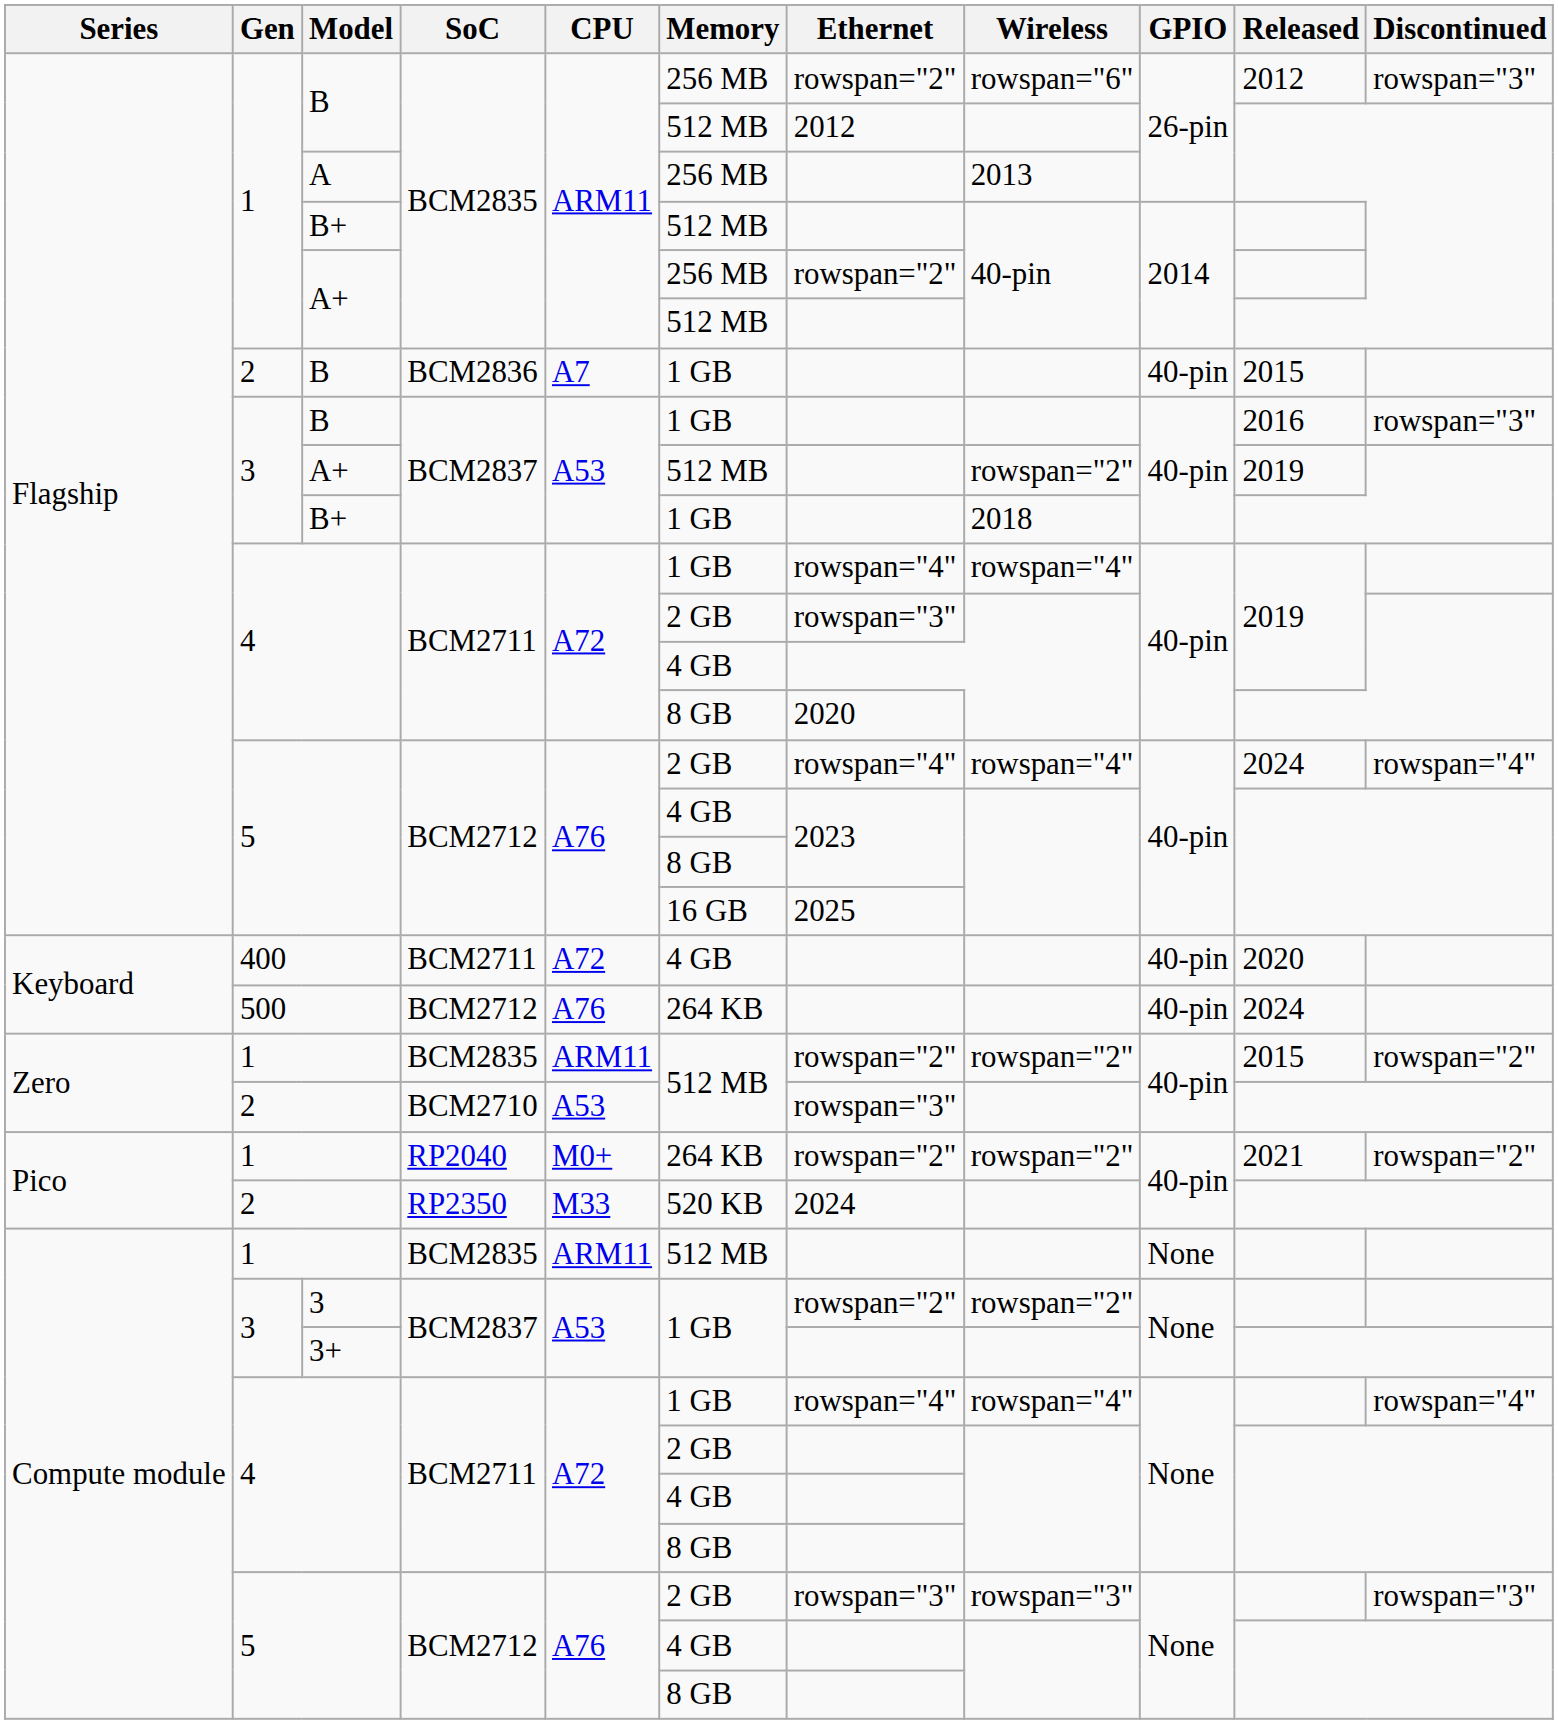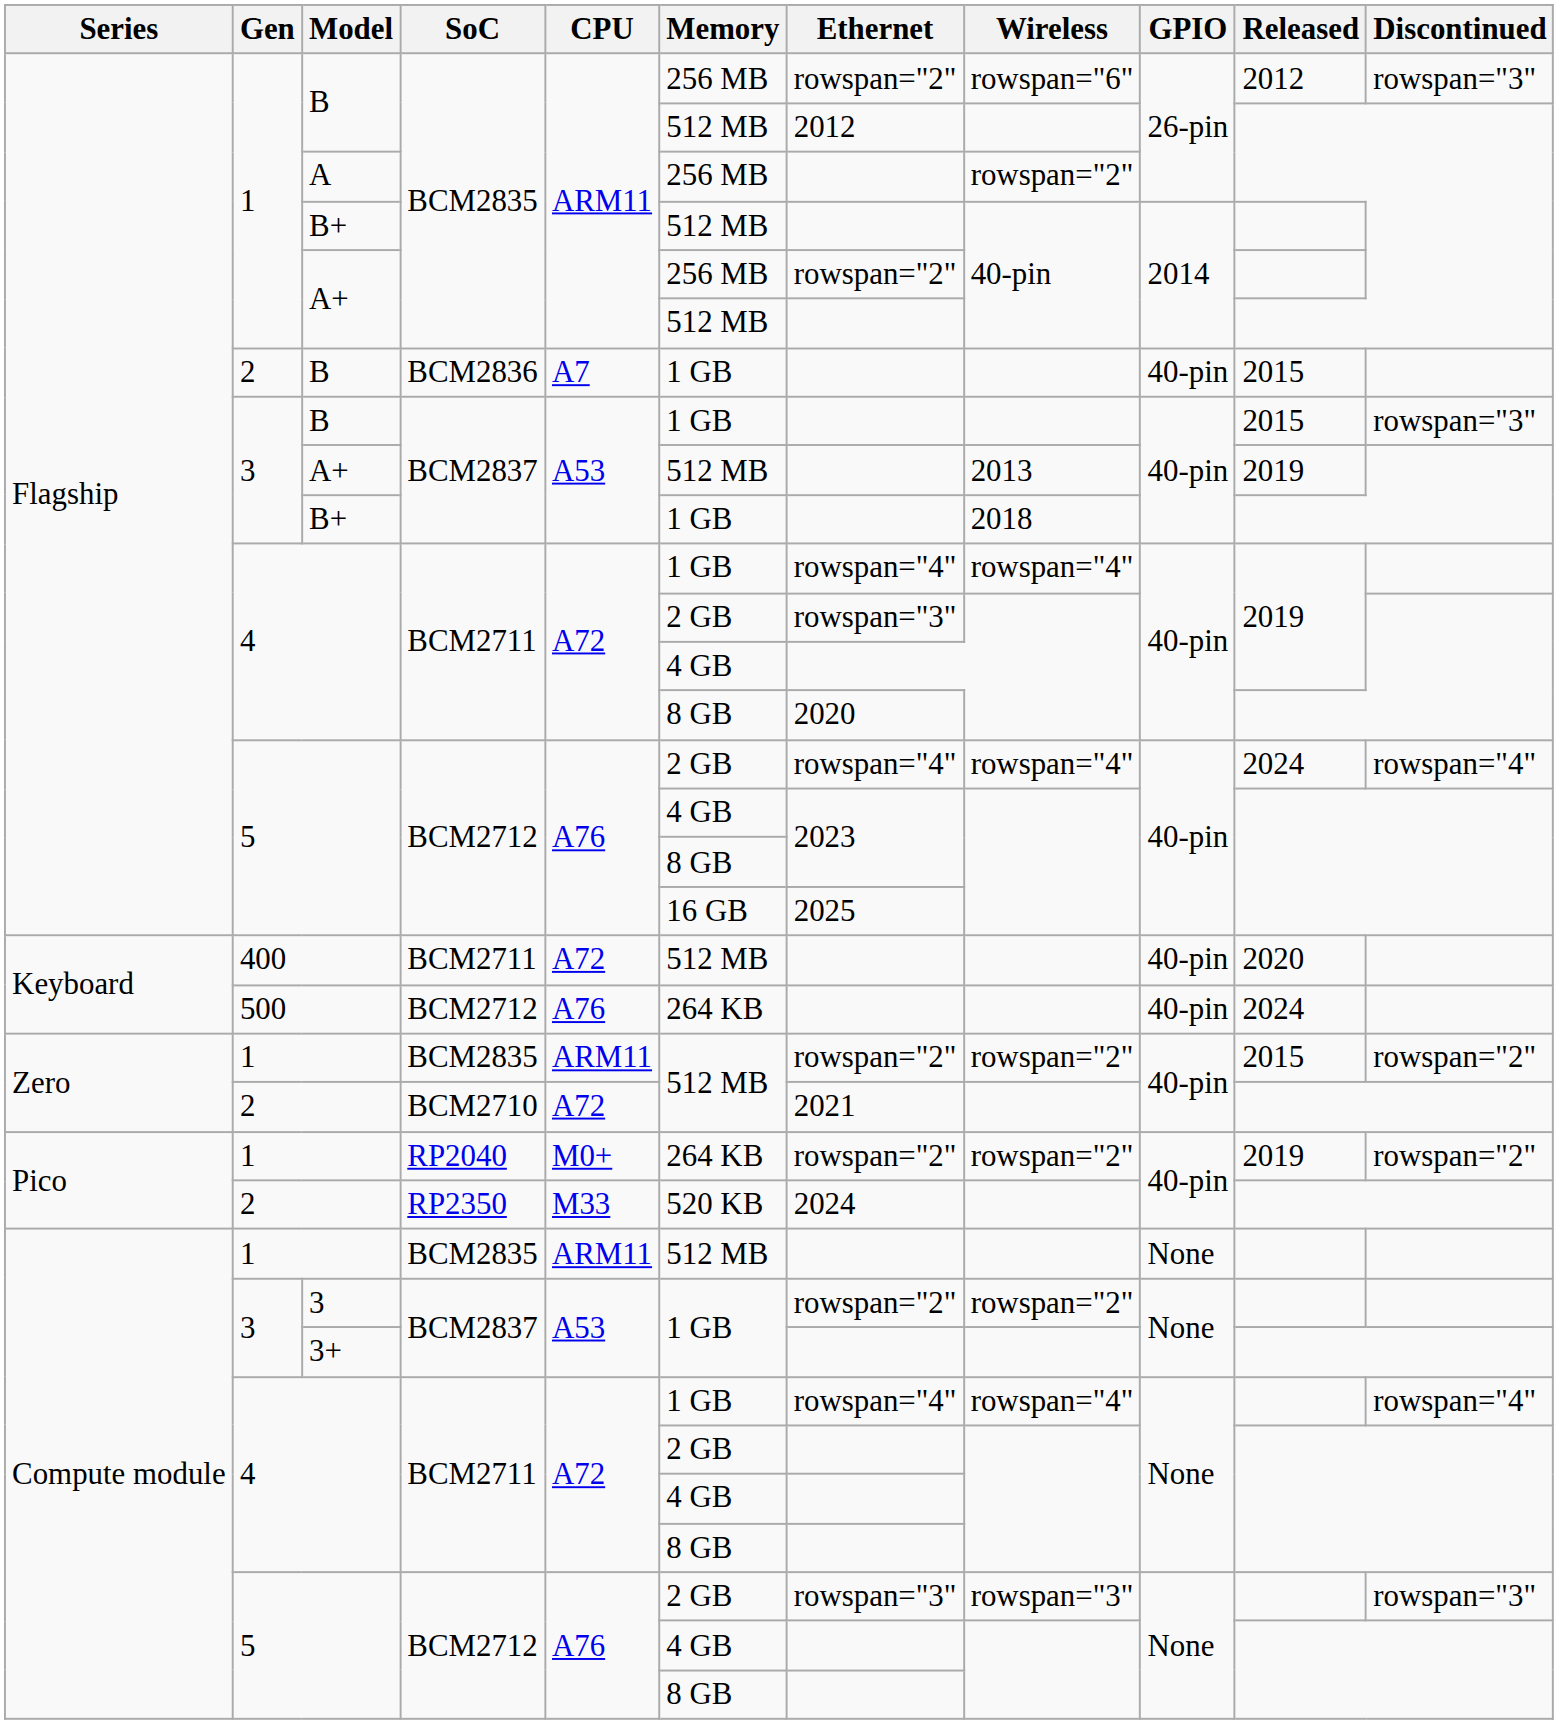 <table class="wikitable sortable sticky-header">
 <tr>
 <th>Series</th>
 <th>Gen</th>
 <th scope="col">Model</th>
 <th scope="col">SoC</th>
 <th>CPU</th>
 <th scope="col">Memory</th>
 <th scope="col">Ethernet</th>
 <th scope="col">Wireless</th>
 <th scope="col">GPIO</th>
 <th scope="col">Released</th>
 <th scope="col">Discontinued</th>
 </tr>
 <tr>
 <td rowspan="18">Flagship</td>
 <td rowspan="6">1</td>
 <td rowspan="2">B</td>
 <td rowspan="6">BCM2835</td>
 <td rowspan="6"><a href='#'>ARM11</a></td>
 <td>256 MB</td>
 <td>rowspan="2" </td>
 <td>rowspan="6" </td>
 <td rowspan="3">26-pin</td>
 <td>2012</td>
 <td>rowspan="3" </td>
 </tr>
 <tr>
 <td>512 MB</td>
 <td>2012</td>
 </tr>
 <tr>
 <td>A</td>
 <td>256 MB</td>
 <td></td>
-<td>2013</td>
+<td>rowspan="2" </td>
 </tr>
 <tr>
 <td>B+</td>
 <td>512 MB</td>
 <td></td>
 <td rowspan="3">40-pin</td>
 <td rowspan="3">2014</td>
 <td></td>
 </tr>
 <tr>
 <td rowspan="2">A+</td>
 <td>256 MB</td>
 <td>rowspan="2" </td>
 <td></td>
 </tr>
 <tr>
 <td>512 MB</td>
 <td></td>
 </tr>
 <tr>
 <td>2</td>
 <td>B</td>
 <td>BCM2836</td>
 <td><a href='#'>A7</a></td>
 <td>1 GB</td>
 <td></td>
 <td></td>
 <td>40-pin</td>
 <td>2015</td>
 <td></td>
 </tr>
 <tr>
 <td rowspan="3">3</td>
 <td>B</td>
 <td rowspan="3">BCM2837</td>
 <td rowspan="3"><a href='#'>A53</a></td>
 <td>1 GB</td>
 <td></td>
 <td></td>
 <td rowspan="3">40-pin</td>
-<td>2016</td>
+<td>2015</td>
 <td>rowspan="3" </td>
 </tr>
 <tr>
 <td>A+</td>
 <td>512 MB</td>
 <td></td>
-<td>rowspan="2" </td>
+<td>2013</td>
 <td>2019</td>
 </tr>
 <tr>
 <td>B+</td>
 <td>1 GB</td>
 <td></td>
 <td>2018</td>
 </tr>
 <tr>
 <td rowspan="4" colspan="2">4</td>
 <td rowspan="4">BCM2711</td>
 <td rowspan="4"><a href='#'>A72</a></td>
 <td>1 GB</td>
 <td>rowspan="4" </td>
 <td>rowspan="4" </td>
 <td rowspan="4">40-pin</td>
 <td rowspan="3">2019</td>
 <td></td>
 </tr>
 <tr>
 <td>2 GB</td>
 <td>rowspan="3" </td>
 </tr>
 <tr>
 <td>4 GB</td>
 </tr>
 <tr>
 <td>8 GB</td>
 <td>2020</td>
 </tr>
 <tr>
 <td rowspan="4" colspan="2">5</td>
 <td rowspan="4">BCM2712</td>
 <td rowspan="4"><a href='#'>A76</a></td>
 <td>2 GB</td>
 <td>rowspan="4" </td>
 <td>rowspan="4" </td>
 <td rowspan="4">40-pin</td>
 <td>2024</td>
 <td>rowspan="4" </td>
 </tr>
 <tr>
 <td>4 GB</td>
 <td rowspan="2">2023</td>
 </tr>
 <tr>
 <td>8 GB</td>
 </tr>
 <tr>
 <td>16 GB</td>
 <td>2025</td>
 </tr>
 <tr>
 <td rowspan="2">Keyboard</td>
 <td colspan="2">400</td>
 <td>BCM2711</td>
 <td><a href='#'>A72</a></td>
-<td>4 GB</td>
+<td>512 MB</td>
 <td></td>
 <td></td>
 <td>40-pin</td>
 <td>2020</td>
 <td></td>
 </tr>
 <tr>
 <td colspan="2">500</td>
 <td>BCM2712</td>
 <td><a href='#'>A76</a></td>
 <td>264 KB</td>
 <td></td>
 <td></td>
 <td>40-pin</td>
 <td>2024</td>
 <td></td>
 </tr>
 <tr>
 <td rowspan="2">Zero</td>
 <td colspan="2">1</td>
 <td>BCM2835</td>
 <td><a href='#'>ARM11</a></td>
 <td rowspan="2">512 MB</td>
 <td>rowspan="2" </td>
 <td>rowspan="2" </td>
 <td rowspan="2">40-pin</td>
 <td>2015</td>
 <td>rowspan="2" </td>
 </tr>
 <tr>
 <td colspan="2">2</td>
 <td>BCM2710</td>
-<td><a href='#'>A53</a></td>
-<td>rowspan="3" </td>
+<td><a href='#'>A72</a></td>
+<td>2021</td>
 </tr>
 <tr>
 <td rowspan="2">Pico</td>
 <td colspan="2">1</td>
 <td><a href='#'>RP2040</a></td>
 <td><a href='#'>M0+</a></td>
 <td>264 KB</td>
 <td>rowspan="2" </td>
 <td>rowspan="2" </td>
 <td rowspan="2">40-pin</td>
-<td>2021</td>
+<td>2019</td>
 <td>rowspan="2" </td>
 </tr>
 <tr>
 <td colspan="2">2</td>
 <td><a href='#'>RP2350</a></td>
 <td><a href='#'>M33</a></td>
 <td>520 KB</td>
 <td>2024</td>
 </tr>
 <tr>
 <td rowspan="10">Compute module</td>
 <td colspan="2">1</td>
 <td>BCM2835</td>
 <td><a href='#'>ARM11</a></td>
 <td>512 MB</td>
 <td></td>
 <td></td>
 <td>None</td>
 <td></td>
 <td></td>
 </tr>
 <tr>
 <td rowspan="2">3</td>
 <td>3</td>
 <td rowspan="2">BCM2837</td>
 <td rowspan="2"><a href='#'>A53</a></td>
 <td rowspan="2">1 GB</td>
 <td>rowspan="2" </td>
 <td>rowspan="2" </td>
 <td rowspan="2">None</td>
 <td></td>
 <td></td>
 </tr>
 <tr>
 <td>3+</td>
 <td></td>
 <td></td>
 </tr>
 <tr>
 <td colspan="2" rowspan="4">4</td>
 <td rowspan="4">BCM2711</td>
 <td rowspan="4"><a href='#'>A72</a></td>
 <td>1 GB</td>
 <td>rowspan="4" </td>
 <td>rowspan="4" </td>
 <td rowspan="4">None</td>
 <td></td>
 <td>rowspan="4" </td>
 </tr>
 <tr>
 <td>2 GB</td>
 <td></td>
 </tr>
 <tr>
 <td>4 GB</td>
 <td></td>
 </tr>
 <tr>
 <td>8 GB</td>
 <td></td>
 </tr>
 <tr>
 <td colspan="2" rowspan="3">5</td>
 <td rowspan="3">BCM2712</td>
 <td rowspan="3"><a href='#'>A76</a></td>
 <td>2 GB</td>
 <td>rowspan="3" </td>
 <td>rowspan="3" </td>
 <td rowspan="3">None</td>
 <td></td>
 <td>rowspan="3" </td>
 </tr>
 <tr>
 <td>4 GB</td>
 <td></td>
 </tr>
 <tr>
 <td>8 GB</td>
 <td></td>
 </tr>
 </table>
